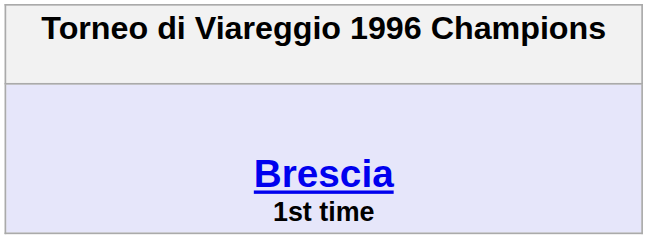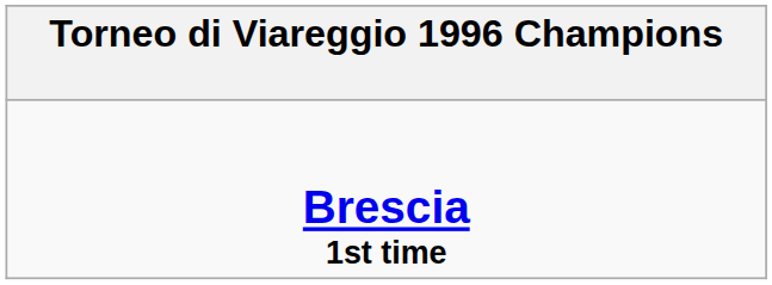 <table class="wikitable" style="margin: 0 auto; width: 30%;">
 <tr>
 <th><big>Torneo di Viareggio 1996 Champions</big><br><br></th>
 </tr>
 <tr>
-<td align=center style="background: lavender;"><br><br><big><big><strong><a href='#'>Brescia</a></strong><br></big></big><strong>1st time</strong></td>
+<td align=center><br><br><big><big><strong><a href='#'>Brescia</a></strong><br></big></big><strong>1st time</strong></td>
 </tr>
 </table>
